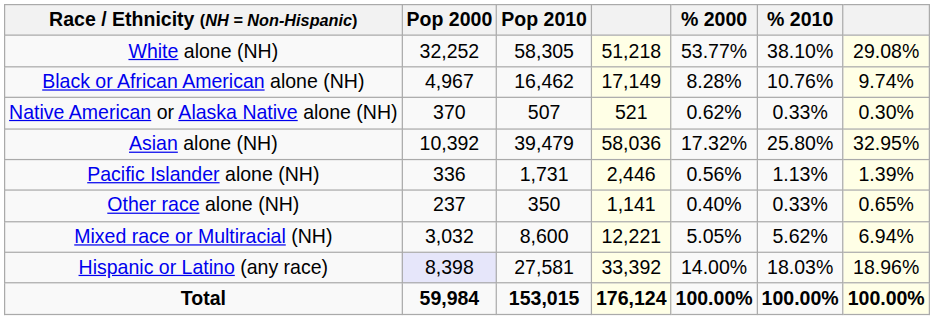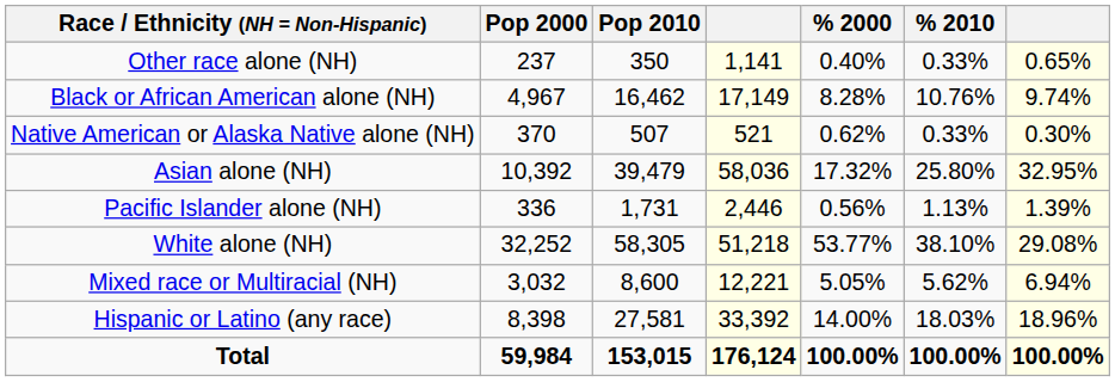 <table class="wikitable" style="text-align:center;">
 <tr>
 <th>Race / Ethnicity <small>(<em>NH = Non-Hispanic</em>)</small></th>
 <th>Pop 2000</th>
 <th>Pop 2010</th>
 <th></th>
 <th>% 2000</th>
 <th>% 2010</th>
 <th></th>
 </tr>
 <tr>
-<td><a href='#'>White</a> alone (NH)</td>
-<td>32,252</td>
-<td>58,305</td>
-<td style='background: #ffffe6;'>51,218</td>
-<td>53.77%</td>
-<td>38.10%</td>
-<td style='background: #ffffe6;'>29.08%</td>
+<td><a href='#'>Other race</a> alone (NH)</td>
+<td>237</td>
+<td>350</td>
+<td style='background: #ffffe6;'>1,141</td>
+<td>0.40%</td>
+<td>0.33%</td>
+<td style='background: #ffffe6;'>0.65%</td>
 </tr>
 <tr>
 <td><a href='#'>Black or African American</a> alone (NH)</td>
 <td>4,967</td>
 <td>16,462</td>
 <td style='background: #ffffe6;'>17,149</td>
 <td>8.28%</td>
 <td>10.76%</td>
 <td style='background: #ffffe6;'>9.74%</td>
 </tr>
 <tr>
 <td><a href='#'>Native American</a> or <a href='#'>Alaska Native</a> alone (NH)</td>
 <td>370</td>
 <td>507</td>
 <td style='background: #ffffe6;'>521</td>
 <td>0.62%</td>
 <td>0.33%</td>
 <td style='background: #ffffe6;'>0.30%</td>
 </tr>
 <tr>
 <td><a href='#'>Asian</a> alone (NH)</td>
 <td>10,392</td>
 <td>39,479</td>
 <td style='background: #ffffe6;'>58,036</td>
 <td>17.32%</td>
 <td>25.80%</td>
 <td style='background: #ffffe6;'>32.95%</td>
 </tr>
 <tr>
 <td><a href='#'>Pacific Islander</a> alone (NH)</td>
 <td>336</td>
 <td>1,731</td>
 <td style='background: #ffffe6;'>2,446</td>
 <td>0.56%</td>
 <td>1.13%</td>
 <td style='background: #ffffe6;'>1.39%</td>
 </tr>
 <tr>
-<td><a href='#'>Other race</a> alone (NH)</td>
-<td>237</td>
-<td>350</td>
-<td style='background: #ffffe6;'>1,141</td>
-<td>0.40%</td>
-<td>0.33%</td>
-<td style='background: #ffffe6;'>0.65%</td>
+<td><a href='#'>White</a> alone (NH)</td>
+<td>32,252</td>
+<td>58,305</td>
+<td style='background: #ffffe6;'>51,218</td>
+<td>53.77%</td>
+<td>38.10%</td>
+<td style='background: #ffffe6;'>29.08%</td>
 </tr>
 <tr>
 <td><a href='#'>Mixed race or Multiracial</a> (NH)</td>
 <td>3,032</td>
 <td>8,600</td>
 <td style='background: #ffffe6;'>12,221</td>
 <td>5.05%</td>
 <td>5.62%</td>
 <td style='background: #ffffe6;'>6.94%</td>
 </tr>
 <tr>
 <td><a href='#'>Hispanic or Latino</a> (any race)</td>
-<td style="background: lavender;">8,398</td>
+<td>8,398</td>
 <td>27,581</td>
 <td style='background: #ffffe6;'>33,392</td>
 <td>14.00%</td>
 <td>18.03%</td>
 <td style='background: #ffffe6;'>18.96%</td>
 </tr>
 <tr>
 <td><strong>Total</strong></td>
 <td><strong>59,984</strong></td>
 <td><strong>153,015</strong></td>
 <td style='background: #ffffe6;'><strong>176,124</strong></td>
 <td><strong>100.00%</strong></td>
 <td><strong>100.00%</strong></td>
 <td style='background: #ffffe6;'><strong>100.00%</strong></td>
 </tr>
 </table>
